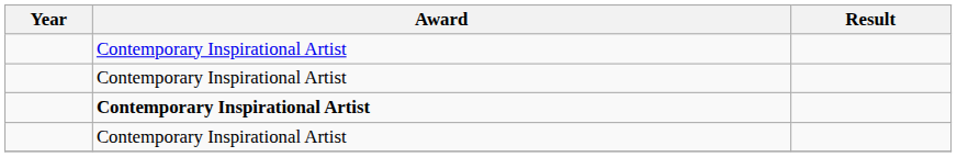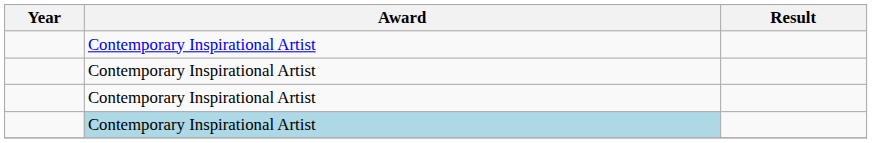 <table class="wikitable" width="65%">
 <tr>
 <th scope=col width="6%">Year</th>
 <th scope=col width="48%">Award</th>
 <th scope=col width="11%">Result</th>
 </tr>
 <tr>
 <td></td>
 <td><a href='#'>Contemporary Inspirational Artist</a></td>
 <td></td>
 </tr>
 <tr>
 <td></td>
 <td>Contemporary Inspirational Artist</td>
 <td></td>
 </tr>
 <tr>
 <td></td>
-<td><strong>Contemporary Inspirational Artist</strong></td>
+<td>Contemporary Inspirational Artist</td>
 <td></td>
 </tr>
 <tr>
 <td></td>
-<td>Contemporary Inspirational Artist</td>
+<td style="background: lightblue;">Contemporary Inspirational Artist</td>
 <td></td>
 </tr>
 <tr>
 </tr>
 </table>
